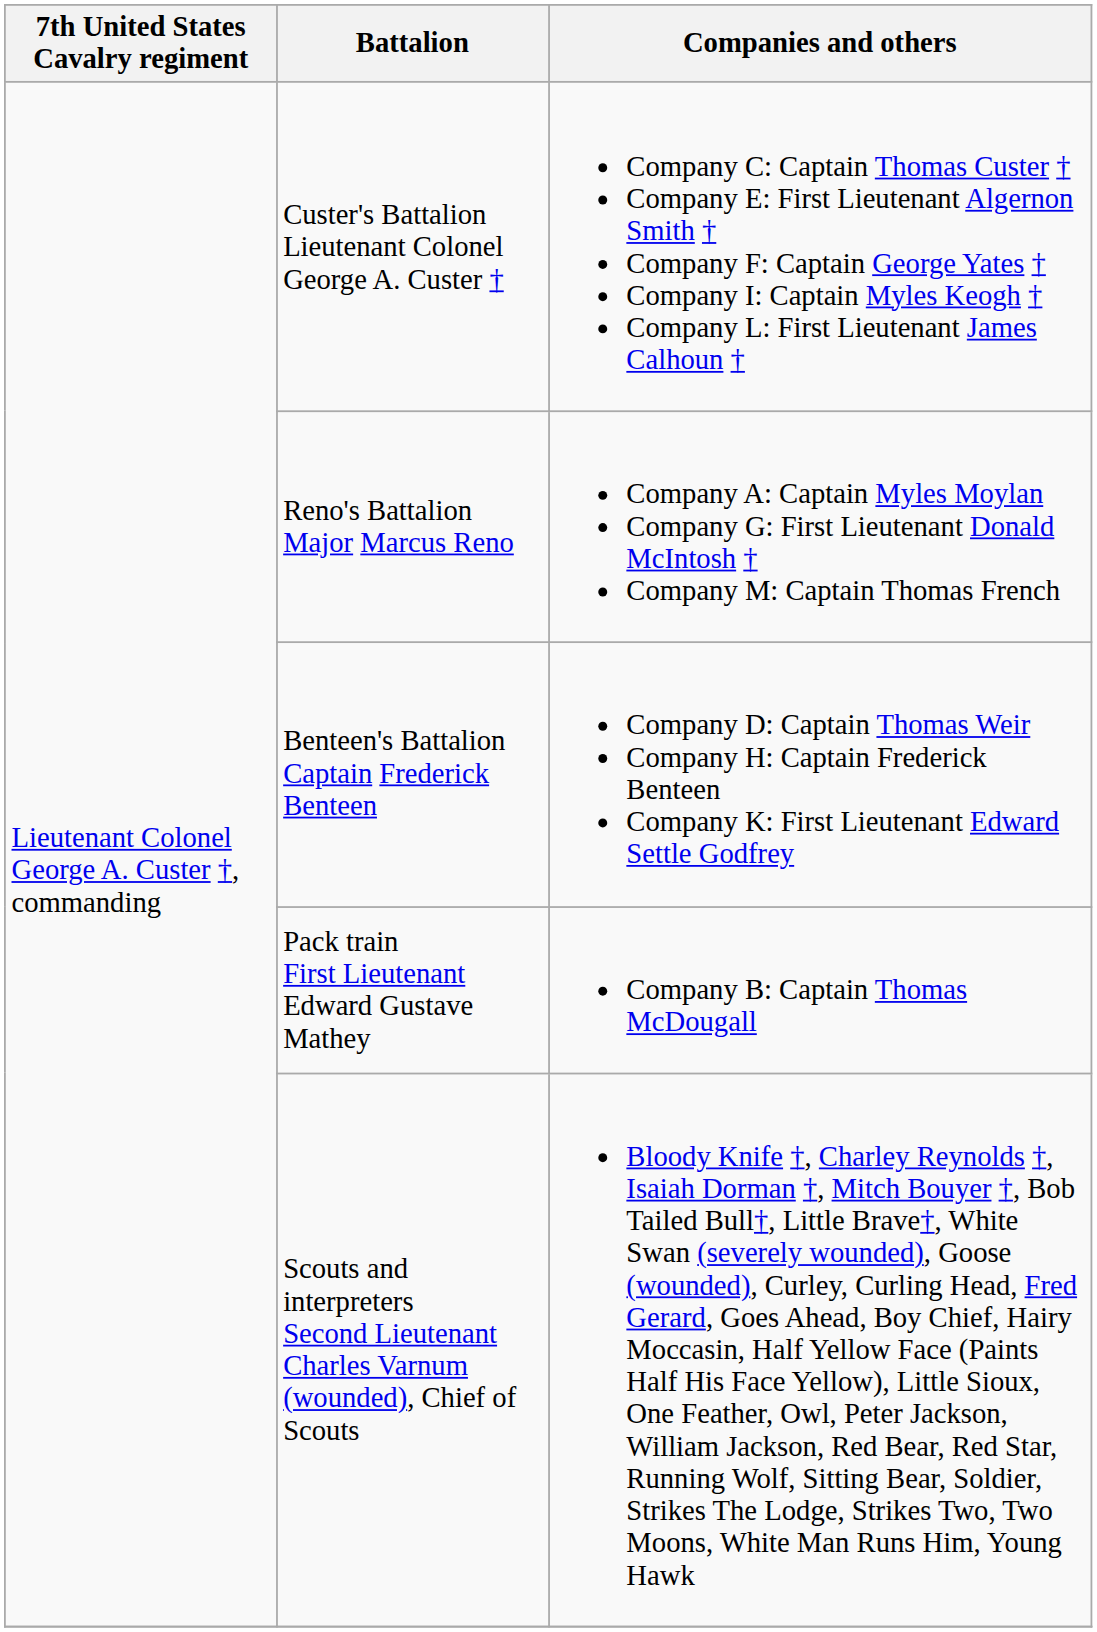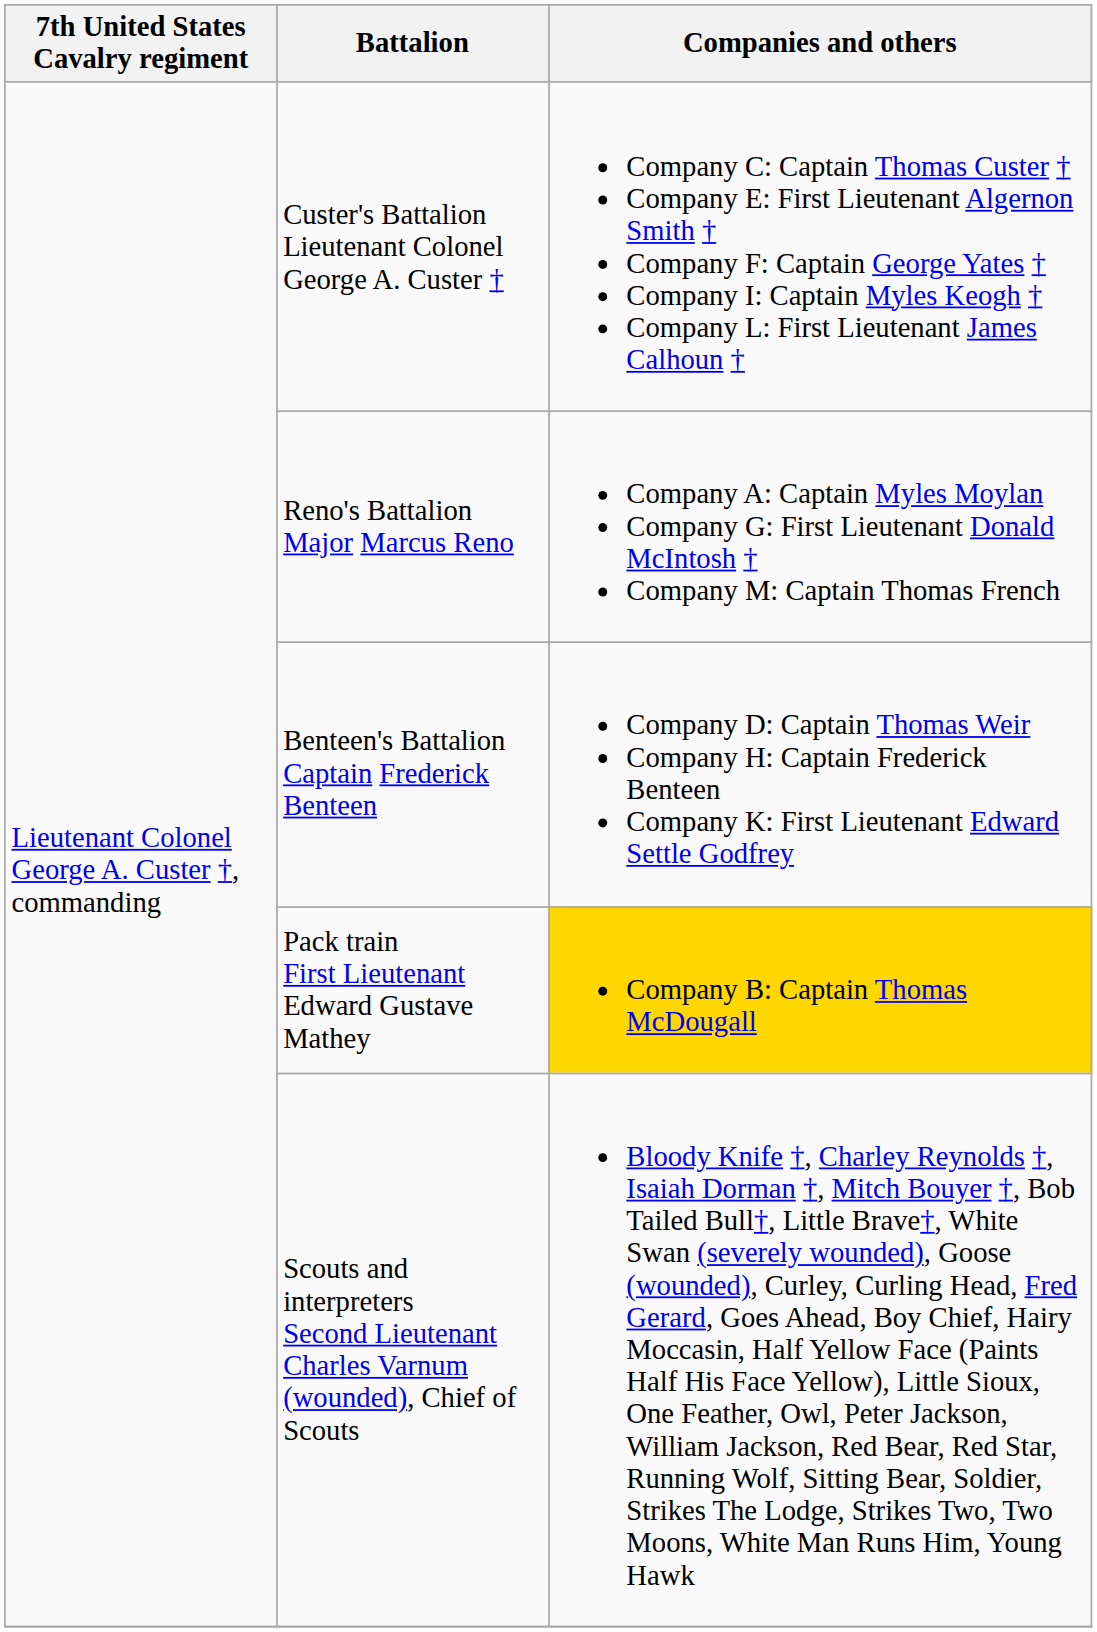 <table class="wikitable">
 <tr>
 <th width=25%>7th United States Cavalry regiment</th>
 <th width=25%>Battalion</th>
 <th>Companies and others</th>
 </tr>
 <tr>
 <td rowspan=5><br><a href='#'>Lieutenant Colonel</a> <a href='#'>George A. Custer</a> <a href='#'>†</a>, commanding</td>
 <td>Custer's Battalion<br>Lieutenant Colonel George A. Custer <a href='#'>†</a></td>
 <td><br><ul><li>Company C: Captain <a href='#'>Thomas Custer</a> <a href='#'>†</a></li><li>Company E: First Lieutenant <a href='#'>Algernon Smith</a> <a href='#'>†</a></li><li>Company F: Captain <a href='#'>George Yates</a> <a href='#'>†</a></li><li>Company I: Captain <a href='#'>Myles Keogh</a> <a href='#'>†</a></li><li>Company L: First Lieutenant <a href='#'>James Calhoun</a> <a href='#'>†</a></li></ul></td>
 </tr>
 <tr>
 <td>Reno's Battalion<br><a href='#'>Major</a> <a href='#'>Marcus Reno</a></td>
 <td><br><ul><li>Company A: Captain <a href='#'>Myles Moylan</a></li><li>Company G: First Lieutenant <a href='#'>Donald McIntosh</a> <a href='#'>†</a></li><li>Company M: Captain Thomas French</li></ul></td>
 </tr>
 <tr>
 <td>Benteen's Battalion<br><a href='#'>Captain</a> <a href='#'>Frederick Benteen</a></td>
 <td><br><ul><li>Company D: Captain <a href='#'>Thomas Weir</a></li><li>Company H: Captain Frederick Benteen</li><li>Company K: First Lieutenant <a href='#'>Edward Settle Godfrey</a></li></ul></td>
 </tr>
 <tr>
 <td>Pack train<br><a href='#'>First Lieutenant</a> Edward Gustave Mathey</td>
-<td><br><ul><li>Company B: Captain <a href='#'>Thomas McDougall</a></li></ul></td>
+<td style="background: gold;"><br><ul><li>Company B: Captain <a href='#'>Thomas McDougall</a></li></ul></td>
 </tr>
 <tr>
 <td>Scouts and interpreters<br><a href='#'>Second Lieutenant</a> <a href='#'>Charles Varnum</a> <a href='#'>(wounded)</a>, Chief of Scouts</td>
 <td><br><ul><li><a href='#'>Bloody Knife</a> <a href='#'>†</a>, <a href='#'>Charley Reynolds</a> <a href='#'>†</a>, <a href='#'>Isaiah Dorman</a> <a href='#'>†</a>, <a href='#'>Mitch Bouyer</a> <a href='#'>†</a>, Bob Tailed Bull<a href='#'>†</a>, Little Brave<a href='#'>†</a>, White Swan <a href='#'>(severely wounded)</a>, Goose <a href='#'>(wounded)</a>, Curley, Curling Head, <a href='#'>Fred Gerard</a>, Goes Ahead, Boy Chief, Hairy Moccasin, Half Yellow Face (Paints Half His Face Yellow), Little Sioux, One Feather, Owl, Peter Jackson, William Jackson, Red Bear, Red Star, Running Wolf, Sitting Bear, Soldier, Strikes The Lodge, Strikes Two, Two Moons, White Man Runs Him, Young Hawk</li></ul></td>
 </tr>
 <tr>
 </tr>
 </table>
